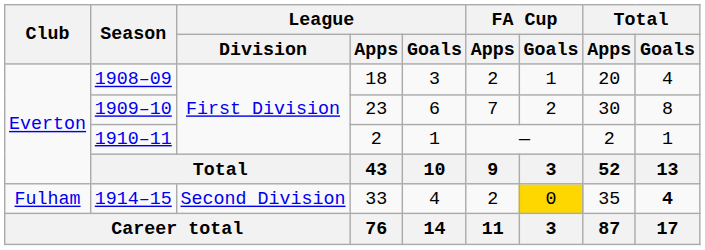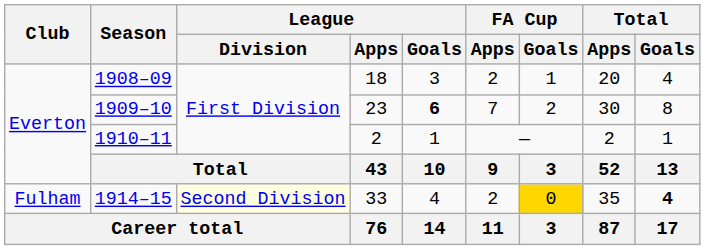 <table class="wikitable" style="text-align: center">
 <tr>
 <th rowspan="2">Club</th>
 <th rowspan="2">Season</th>
 <th colspan="3">League</th>
 <th colspan="2">FA Cup</th>
 <th colspan="2">Total</th>
 </tr>
 <tr>
 <th>Division</th>
 <th>Apps</th>
 <th>Goals</th>
 <th>Apps</th>
 <th>Goals</th>
 <th>Apps</th>
 <th>Goals</th>
 </tr>
 <tr>
 <td rowspan="4"><a href='#'>Everton</a></td>
 <td><a href='#'>1908–09</a></td>
 <td rowspan="3"><a href='#'>First Division</a></td>
 <td>18</td>
 <td>3</td>
 <td>2</td>
 <td>1</td>
 <td>20</td>
 <td>4</td>
 </tr>
 <tr>
 <td><a href='#'>1909–10</a></td>
 <td>23</td>
-<td>6</td>
+<td><strong>6</strong></td>
 <td>7</td>
 <td>2</td>
 <td>30</td>
 <td>8</td>
 </tr>
 <tr>
 <td><a href='#'>1910–11</a></td>
 <td>2</td>
 <td>1</td>
 <td colspan="2">—</td>
 <td>2</td>
 <td>1</td>
 </tr>
 <tr>
 <th colspan="2">Total</th>
 <th>43</th>
 <th>10</th>
 <th>9</th>
 <th>3</th>
 <th>52</th>
 <th>13</th>
 </tr>
 <tr>
 <td><a href='#'>Fulham</a></td>
 <td><a href='#'>1914–15</a></td>
-<td><a href='#'>Second Division</a></td>
+<td style="background: lightyellow;"><a href='#'>Second Division</a></td>
 <td>33</td>
 <td>4</td>
 <td>2</td>
 <td style="background: gold;">0</td>
 <td>35</td>
 <td><strong>4</strong></td>
 </tr>
 <tr>
 <th colspan="3">Career total</th>
 <th>76</th>
 <th>14</th>
 <th>11</th>
 <th>3</th>
 <th>87</th>
 <th>17</th>
 </tr>
 </table>
